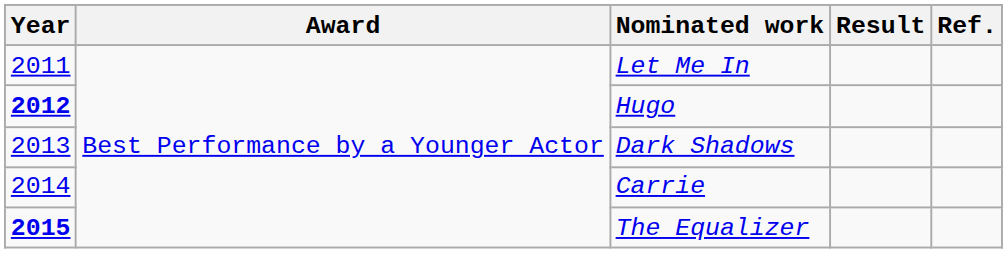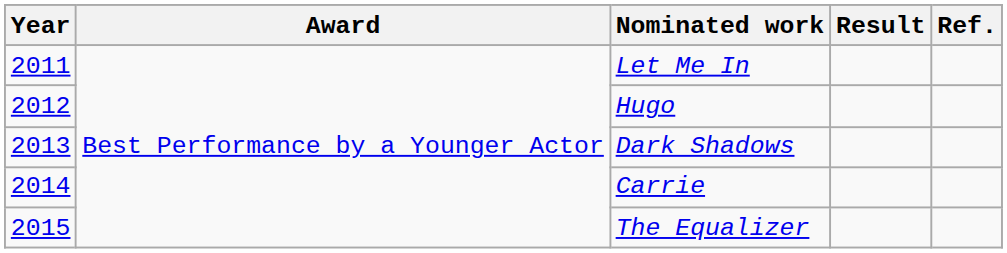 <table class="wikitable">
 <tr>
 <th>Year</th>
 <th>Award</th>
 <th>Nominated work</th>
 <th>Result</th>
 <th>Ref.</th>
 </tr>
 <tr>
 <td><a href='#'>2011</a></td>
 <td rowspan="5"><a href='#'>Best Performance by a Younger Actor</a></td>
 <td><em><a href='#'>Let Me In</a></em></td>
 <td></td>
 <td align="center"></td>
 </tr>
 <tr>
-<td><strong><a href='#'>2012</a></strong></td>
+<td><a href='#'>2012</a></td>
 <td><em><a href='#'>Hugo</a></em></td>
 <td></td>
 <td align="center"></td>
 </tr>
 <tr>
 <td><a href='#'>2013</a></td>
 <td><em><a href='#'>Dark Shadows</a></em></td>
 <td></td>
 <td align="center"></td>
 </tr>
 <tr>
 <td><a href='#'>2014</a></td>
 <td><em><a href='#'>Carrie</a></em></td>
 <td></td>
 <td align="center"></td>
 </tr>
 <tr>
-<td><strong><a href='#'>2015</a></strong></td>
+<td><a href='#'>2015</a></td>
 <td><em><a href='#'>The Equalizer</a></em></td>
 <td></td>
 <td></td>
 </tr>
 </table>
